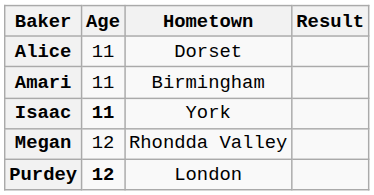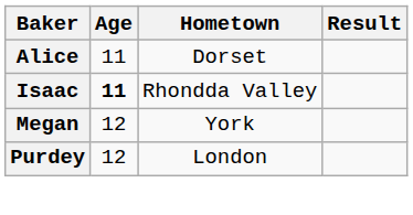 <table class="wikitable sortable" style="display:inline-table; text-align:center">
 <tr>
 <th scope="col">Baker</th>
 <th scope="col">Age</th>
 <th scope="col">Hometown</th>
 <th scope="col">Result</th>
 </tr>
 <tr>
 <th scope="row">Alice</th>
 <td>11</td>
 <td>Dorset</td>
 <td></td>
 </tr>
 <tr>
-<th scope="row">Amari</th>
-<td>11</td>
-<td>Birmingham</td>
-<td></td>
-</tr>
-<tr>
 <th scope="row">Isaac</th>
 <td><strong>11</strong></td>
-<td>York</td>
+<td>Rhondda Valley</td>
 <td></td>
 </tr>
 <tr>
 <th scope="row">Megan</th>
 <td>12</td>
-<td>Rhondda Valley</td>
+<td>York</td>
 <td></td>
 </tr>
 <tr>
 <th scope="row">Purdey</th>
-<td><strong>12</strong></td>
+<td>12</td>
 <td>London</td>
 <td></td>
 </tr>
 </table>
